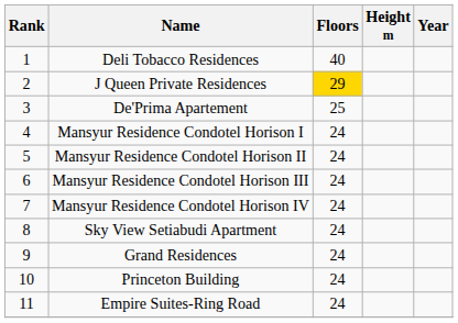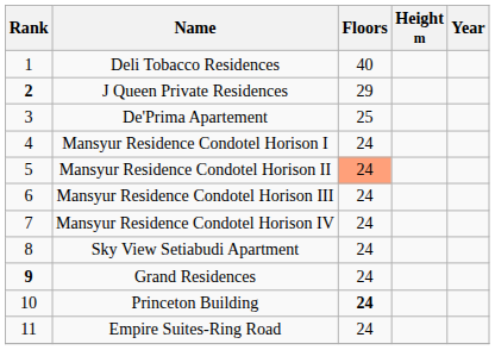 <table class="wikitable sortable" style="text-align: center">
 <tr>
 <th>Rank</th>
 <th>Name</th>
 <th>Floors</th>
 <th>Height<br><small>m</small></th>
 <th>Year</th>
 </tr>
 <tr>
 <td>1</td>
 <td>Deli Tobacco Residences</td>
 <td>40</td>
 <td></td>
 <td></td>
 </tr>
 <tr>
-<td>2</td>
+<td><strong>2</strong></td>
 <td>J Queen Private Residences</td>
-<td style="background: gold;">29</td>
+<td>29</td>
 <td></td>
 <td></td>
 </tr>
 <tr>
 <td>3</td>
 <td>De'Prima Apartement</td>
 <td>25</td>
 <td></td>
 <td></td>
 </tr>
 <tr>
 <td>4</td>
 <td>Mansyur Residence Condotel Horison I</td>
 <td>24</td>
 <td></td>
 <td></td>
 </tr>
 <tr>
 <td>5</td>
 <td>Mansyur Residence Condotel Horison II</td>
-<td>24</td>
+<td style="background: lightsalmon;">24</td>
 <td></td>
 <td></td>
 </tr>
 <tr>
 <td>6</td>
 <td>Mansyur Residence Condotel Horison III</td>
 <td>24</td>
 <td></td>
 <td></td>
 </tr>
 <tr>
 <td>7</td>
 <td>Mansyur Residence Condotel Horison IV</td>
 <td>24</td>
 <td></td>
 <td></td>
 </tr>
 <tr>
 <td>8</td>
 <td>Sky View Setiabudi Apartment</td>
 <td>24</td>
 <td></td>
 <td></td>
 </tr>
 <tr>
-<td>9</td>
+<td><strong>9</strong></td>
 <td>Grand Residences</td>
 <td>24</td>
 <td></td>
 <td></td>
 </tr>
 <tr>
 <td>10</td>
 <td>Princeton Building</td>
-<td>24</td>
+<td><strong>24</strong></td>
 <td></td>
 <td></td>
 </tr>
 <tr>
 <td>11</td>
 <td>Empire Suites-Ring Road</td>
 <td>24</td>
 <td></td>
 <td></td>
 </tr>
 <tr>
 </tr>
 </table>
